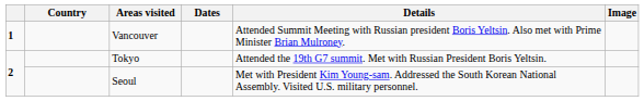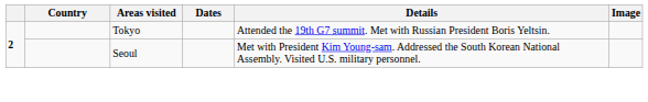 <table class="wikitable sortable" border="1" style="margin: 1em auto 1em auto">
 <tr>
 <th style="width: 3%;"></th>
 <th width=120>Country</th>
 <th width=100>Areas visited</th>
 <th width=70>Dates</th>
 <th width=550>Details</th>
 <th>Image</th>
-</tr>
-<tr>
-<td><strong>1</strong></td>
-<td></td>
-<td>Vancouver</td>
-<td></td>
-<td>Attended Summit Meeting with Russian president <a href='#'>Boris Yeltsin</a>. Also met with Prime Minister <a href='#'>Brian Mulroney</a>.</td>
-<td></td>
 </tr>
 <tr>
 <td rowspan=2><strong>2</strong></td>
 <td></td>
 <td>Tokyo</td>
 <td></td>
 <td>Attended the <a href='#'>19th G7 summit</a>. Met with Russian President Boris Yeltsin.</td>
 <td></td>
 </tr>
 <tr>
 <td></td>
 <td>Seoul</td>
 <td></td>
 <td>Met with President <a href='#'>Kim Young-sam</a>. Addressed the South Korean National Assembly. Visited U.S. military personnel.</td>
 <td></td>
 </tr>
 </table>
